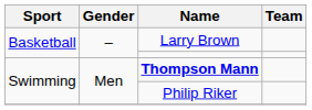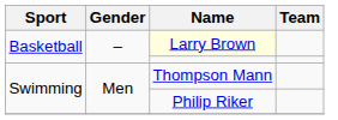 <table class="wikitable" style="text-align: center;">
 <tr>
 <th>Sport</th>
 <th>Gender</th>
 <th>Name</th>
 <th>Team</th>
 </tr>
 <tr>
 <td rowspan="2"><a href='#'>Basketball</a></td>
 <td rowspan="2">–</td>
-<td><a href='#'>Larry Brown</a></td>
+<td style="background: lightyellow;"><a href='#'>Larry Brown</a></td>
 <td></td>
 </tr>
 <tr>
 <td></td>
 <td></td>
 </tr>
 <tr>
 <td rowspan="2">Swimming</td>
 <td rowspan="2">Men</td>
-<td><strong><a href='#'>Thompson Mann</a></strong></td>
+<td><a href='#'>Thompson Mann</a></td>
 <td></td>
 </tr>
 <tr>
 <td><a href='#'>Philip Riker</a></td>
 <td></td>
 </tr>
 <tr>
 </tr>
 </table>
